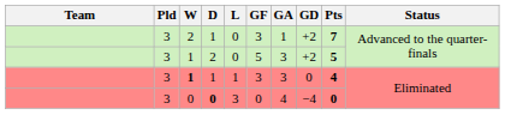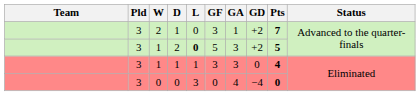 <table class="wikitable" style="text-align: center;">
 <tr>
 <th width="175">Team</th>
 <th width="20">Pld</th>
 <th width="20">W</th>
 <th width="20">D</th>
 <th width="20">L</th>
 <th width="20">GF</th>
 <th width="20">GA</th>
 <th width="20">GD</th>
 <th width="20">Pts</th>
 <th width="181">Status</th>
 </tr>
 <tr bgcolor=#D0F0C0>
 <td align=left></td>
 <td>3</td>
 <td>2</td>
 <td>1</td>
 <td>0</td>
 <td>3</td>
 <td>1</td>
 <td>+2</td>
 <td><strong>7</strong></td>
 <td rowspan=2>Advanced to the quarter-finals</td>
 </tr>
 <tr bgcolor=#D0F0C0>
 <td align=left></td>
 <td>3</td>
 <td>1</td>
 <td>2</td>
-<td>0</td>
+<td><strong>0</strong></td>
 <td>5</td>
 <td>3</td>
 <td>+2</td>
 <td><strong>5</strong></td>
 </tr>
 <tr bgcolor=#FF8888>
 <td align=left></td>
 <td>3</td>
-<td><strong>1</strong></td>
+<td>1</td>
 <td>1</td>
 <td>1</td>
 <td>3</td>
 <td>3</td>
 <td>0</td>
 <td><strong>4</strong></td>
 <td rowspan=2>Eliminated</td>
 </tr>
 <tr bgcolor=#FF8888>
 <td align=left></td>
 <td>3</td>
 <td>0</td>
-<td><strong>0</strong></td>
+<td>0</td>
 <td>3</td>
 <td>0</td>
 <td>4</td>
 <td>−4</td>
 <td><strong>0</strong></td>
 </tr>
 </table>
